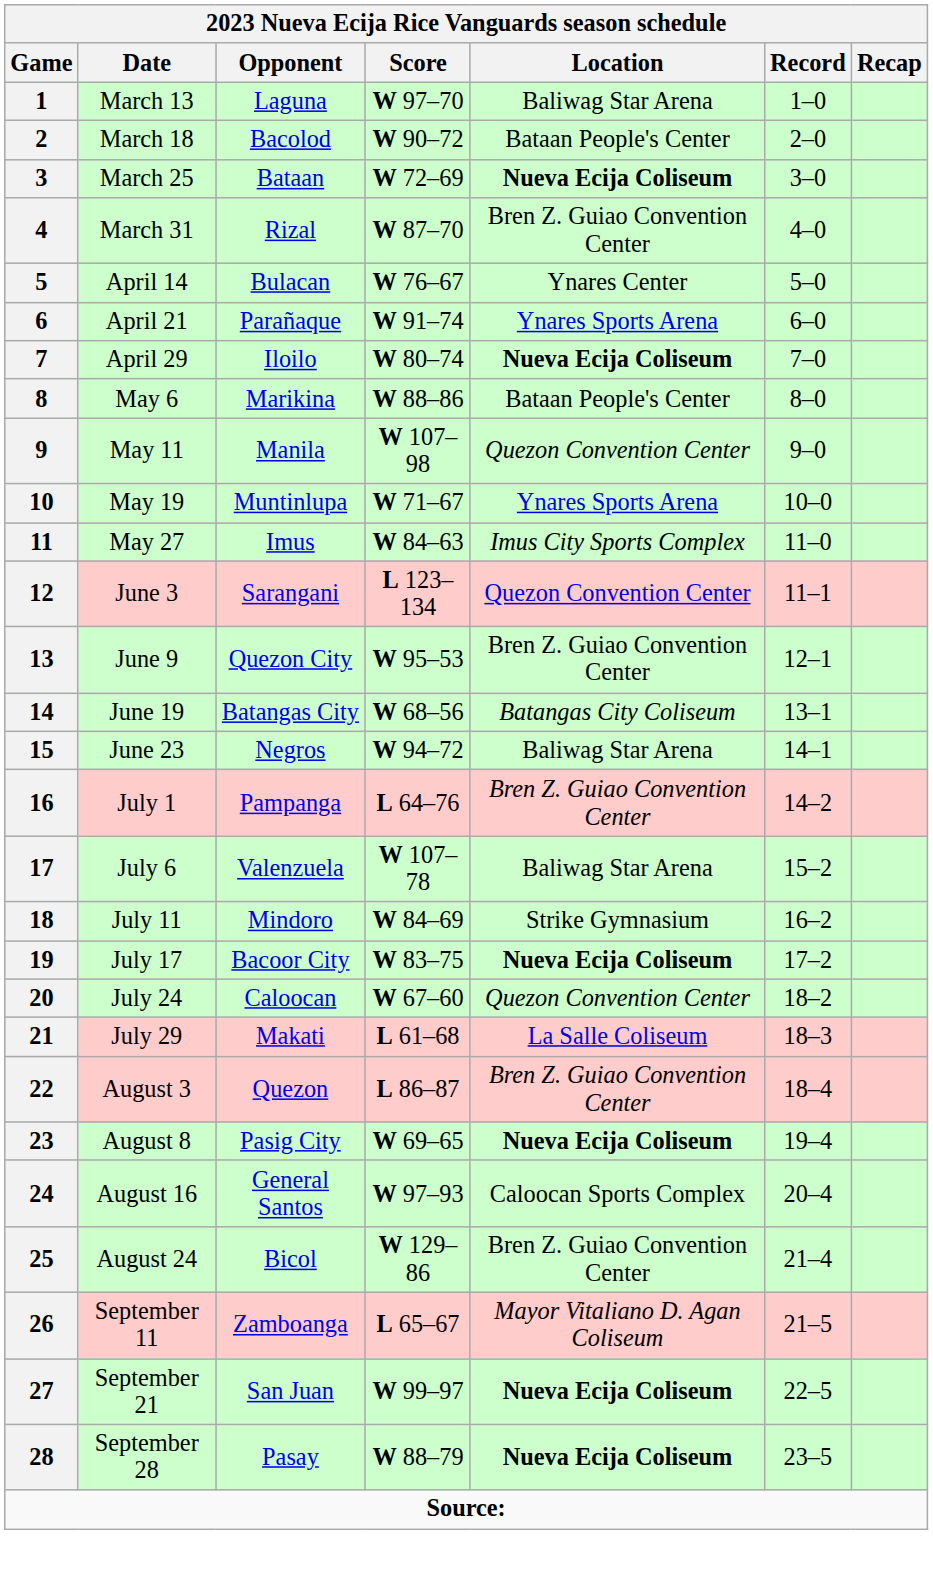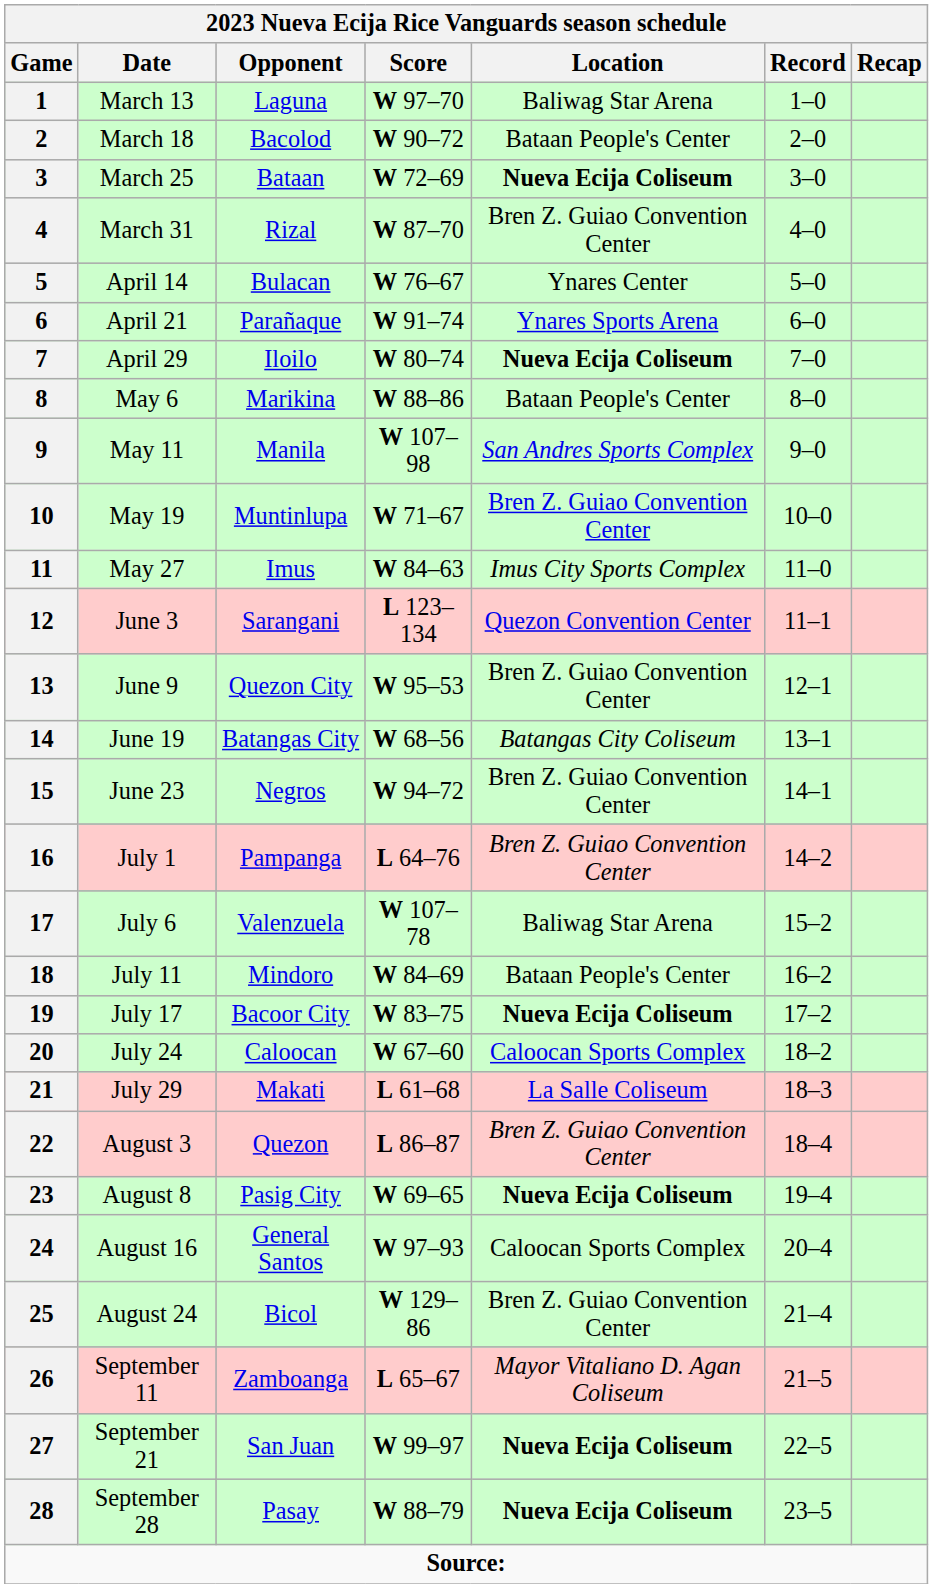 <table class="wikitable" style="text-align:center">
 <tr>
 <th colspan=7>2023 Nueva Ecija Rice Vanguards season schedule</th>
 </tr>
 <tr>
 <th>Game</th>
 <th>Date</th>
 <th>Opponent</th>
 <th>Score</th>
 <th>Location</th>
 <th>Record</th>
 <th>Recap<br></th>
 </tr>
 <tr style="background:#cfc">
 <th>1</th>
 <td>March 13</td>
 <td><a href='#'>Laguna</a></td>
 <td><strong>W</strong> 97–70</td>
 <td>Baliwag Star Arena</td>
 <td>1–0</td>
 <td></td>
 </tr>
 <tr style="background:#cfc">
 <th>2</th>
 <td>March 18</td>
 <td><a href='#'>Bacolod</a></td>
 <td><strong>W</strong> 90–72</td>
 <td>Bataan People's Center</td>
 <td>2–0</td>
 <td></td>
 </tr>
 <tr style="background:#cfc">
 <th>3</th>
 <td>March 25</td>
 <td><a href='#'>Bataan</a></td>
 <td><strong>W</strong> 72–69</td>
 <td><strong>Nueva Ecija Coliseum</strong></td>
 <td>3–0</td>
 <td></td>
 </tr>
 <tr style="background:#cfc">
 <th>4</th>
 <td>March 31</td>
 <td><a href='#'>Rizal</a></td>
 <td><strong>W</strong> 87–70</td>
 <td>Bren Z. Guiao Convention Center</td>
 <td>4–0</td>
 <td></td>
 </tr>
 <tr style="background:#cfc">
 <th>5</th>
 <td>April 14</td>
 <td><a href='#'>Bulacan</a></td>
 <td><strong>W</strong> 76–67</td>
 <td>Ynares Center</td>
 <td>5–0</td>
 <td></td>
 </tr>
 <tr style="background:#cfc">
 <th>6</th>
 <td>April 21</td>
 <td><a href='#'>Parañaque</a></td>
 <td><strong>W</strong> 91–74</td>
 <td><a href='#'>Ynares Sports Arena</a></td>
 <td>6–0</td>
 <td></td>
 </tr>
 <tr style="background:#cfc">
 <th>7</th>
 <td>April 29</td>
 <td><a href='#'>Iloilo</a></td>
 <td><strong>W</strong> 80–74</td>
 <td><strong>Nueva Ecija Coliseum</strong></td>
 <td>7–0</td>
 <td></td>
 </tr>
 <tr style="background:#cfc">
 <th>8</th>
 <td>May 6</td>
 <td><a href='#'>Marikina</a></td>
 <td><strong>W</strong> 88–86</td>
 <td>Bataan People's Center</td>
 <td>8–0</td>
 <td></td>
 </tr>
 <tr style="background:#cfc">
 <th>9</th>
 <td>May 11</td>
 <td><a href='#'>Manila</a></td>
 <td><strong>W</strong> 107–98</td>
-<td><em>Quezon Convention Center</em></td>
+<td><em><a href='#'>San Andres Sports Complex</a></em></td>
 <td>9–0</td>
 <td></td>
 </tr>
 <tr style="background:#cfc">
 <th>10</th>
 <td>May 19</td>
 <td><a href='#'>Muntinlupa</a></td>
 <td><strong>W</strong> 71–67</td>
-<td><a href='#'>Ynares Sports Arena</a></td>
+<td><a href='#'>Bren Z. Guiao Convention Center</a></td>
 <td>10–0</td>
 <td></td>
 </tr>
 <tr style="background:#cfc">
 <th>11</th>
 <td>May 27</td>
 <td><a href='#'>Imus</a></td>
 <td><strong>W</strong> 84–63</td>
 <td><em>Imus City Sports Complex</em></td>
 <td>11–0</td>
 <td><br></td>
 </tr>
 <tr style="background:#fcc">
 <th>12</th>
 <td>June 3</td>
 <td><a href='#'>Sarangani</a></td>
 <td><strong>L</strong> 123–134</td>
 <td><a href='#'>Quezon Convention Center</a></td>
 <td>11–1</td>
 <td></td>
 </tr>
 <tr style="background:#cfc">
 <th>13</th>
 <td>June 9</td>
 <td><a href='#'>Quezon City</a></td>
 <td><strong>W</strong> 95–53</td>
 <td>Bren Z. Guiao Convention Center</td>
 <td>12–1</td>
 <td></td>
 </tr>
 <tr style="background:#cfc">
 <th>14</th>
 <td>June 19</td>
 <td><a href='#'>Batangas City</a></td>
 <td><strong>W</strong> 68–56</td>
 <td><em>Batangas City Coliseum</em></td>
 <td>13–1</td>
 <td></td>
 </tr>
 <tr style="background:#cfc">
 <th>15</th>
 <td>June 23</td>
 <td><a href='#'>Negros</a></td>
 <td><strong>W</strong> 94–72</td>
-<td>Baliwag Star Arena</td>
+<td>Bren Z. Guiao Convention Center</td>
 <td>14–1</td>
 <td></td>
 </tr>
 <tr style="background:#fcc">
 <th>16</th>
 <td>July 1</td>
 <td><a href='#'>Pampanga</a></td>
 <td><strong>L</strong> 64–76</td>
 <td><em>Bren Z. Guiao Convention Center</em></td>
 <td>14–2</td>
 <td></td>
 </tr>
 <tr style="background:#cfc">
 <th>17</th>
 <td>July 6</td>
 <td><a href='#'>Valenzuela</a></td>
 <td><strong>W</strong> 107–78</td>
 <td>Baliwag Star Arena</td>
 <td>15–2</td>
 <td></td>
 </tr>
 <tr style="background:#cfc">
 <th>18</th>
 <td>July 11</td>
 <td><a href='#'>Mindoro</a></td>
 <td><strong>W</strong> 84–69</td>
-<td>Strike Gymnasium</td>
+<td>Bataan People's Center</td>
 <td>16–2</td>
 <td></td>
 </tr>
 <tr style="background:#cfc">
 <th>19</th>
 <td>July 17</td>
 <td><a href='#'>Bacoor City</a></td>
 <td><strong>W</strong> 83–75</td>
 <td><strong>Nueva Ecija Coliseum</strong></td>
 <td>17–2</td>
 <td></td>
 </tr>
 <tr style="background:#cfc">
 <th>20</th>
 <td>July 24</td>
 <td><a href='#'>Caloocan</a></td>
 <td><strong>W</strong> 67–60</td>
-<td><em>Quezon Convention Center</em></td>
+<td><a href='#'>Caloocan Sports Complex</a></td>
 <td>18–2</td>
 <td></td>
 </tr>
 <tr style="background:#fcc">
 <th>21</th>
 <td>July 29</td>
 <td><a href='#'>Makati</a></td>
 <td><strong>L</strong> 61–68</td>
 <td><a href='#'>La Salle Coliseum</a></td>
 <td>18–3</td>
 <td><br></td>
 </tr>
 <tr style="background:#fcc">
 <th>22</th>
 <td>August 3</td>
 <td><a href='#'>Quezon</a></td>
 <td><strong>L</strong> 86–87</td>
 <td><em>Bren Z. Guiao Convention Center</em></td>
 <td>18–4</td>
 <td></td>
 </tr>
 <tr style="background:#cfc">
 <th>23</th>
 <td>August 8</td>
 <td><a href='#'>Pasig City</a></td>
 <td><strong>W</strong> 69–65</td>
 <td><strong>Nueva Ecija Coliseum</strong></td>
 <td>19–4</td>
 <td></td>
 </tr>
 <tr style="background:#cfc">
 <th>24</th>
 <td>August 16</td>
 <td><a href='#'>General Santos</a></td>
 <td><strong>W</strong> 97–93</td>
 <td>Caloocan Sports Complex</td>
 <td>20–4</td>
 <td></td>
 </tr>
 <tr style="background:#cfc">
 <th>25</th>
 <td>August 24</td>
 <td><a href='#'>Bicol</a></td>
 <td><strong>W</strong> 129–86</td>
 <td>Bren Z. Guiao Convention Center</td>
 <td>21–4</td>
 <td></td>
 </tr>
 <tr style="background:#fcc">
 <th>26</th>
 <td>September 11</td>
 <td><a href='#'>Zamboanga</a></td>
 <td><strong>L</strong> 65–67</td>
 <td><em>Mayor Vitaliano D. Agan Coliseum</em></td>
 <td>21–5</td>
 <td></td>
 </tr>
 <tr style="background:#cfc">
 <th>27</th>
 <td>September 21</td>
 <td><a href='#'>San Juan</a></td>
 <td><strong>W</strong> 99–97</td>
 <td><strong>Nueva Ecija Coliseum</strong></td>
 <td>22–5</td>
 <td></td>
 </tr>
 <tr style="background:#cfc">
 <th>28</th>
 <td>September 28</td>
 <td><a href='#'>Pasay</a></td>
 <td><strong>W</strong> 88–79</td>
 <td><strong>Nueva Ecija Coliseum</strong></td>
 <td>23–5</td>
 <td></td>
 </tr>
 <tr>
 <td colspan=7 align=center><strong>Source: </strong></td>
 </tr>
 </table>
